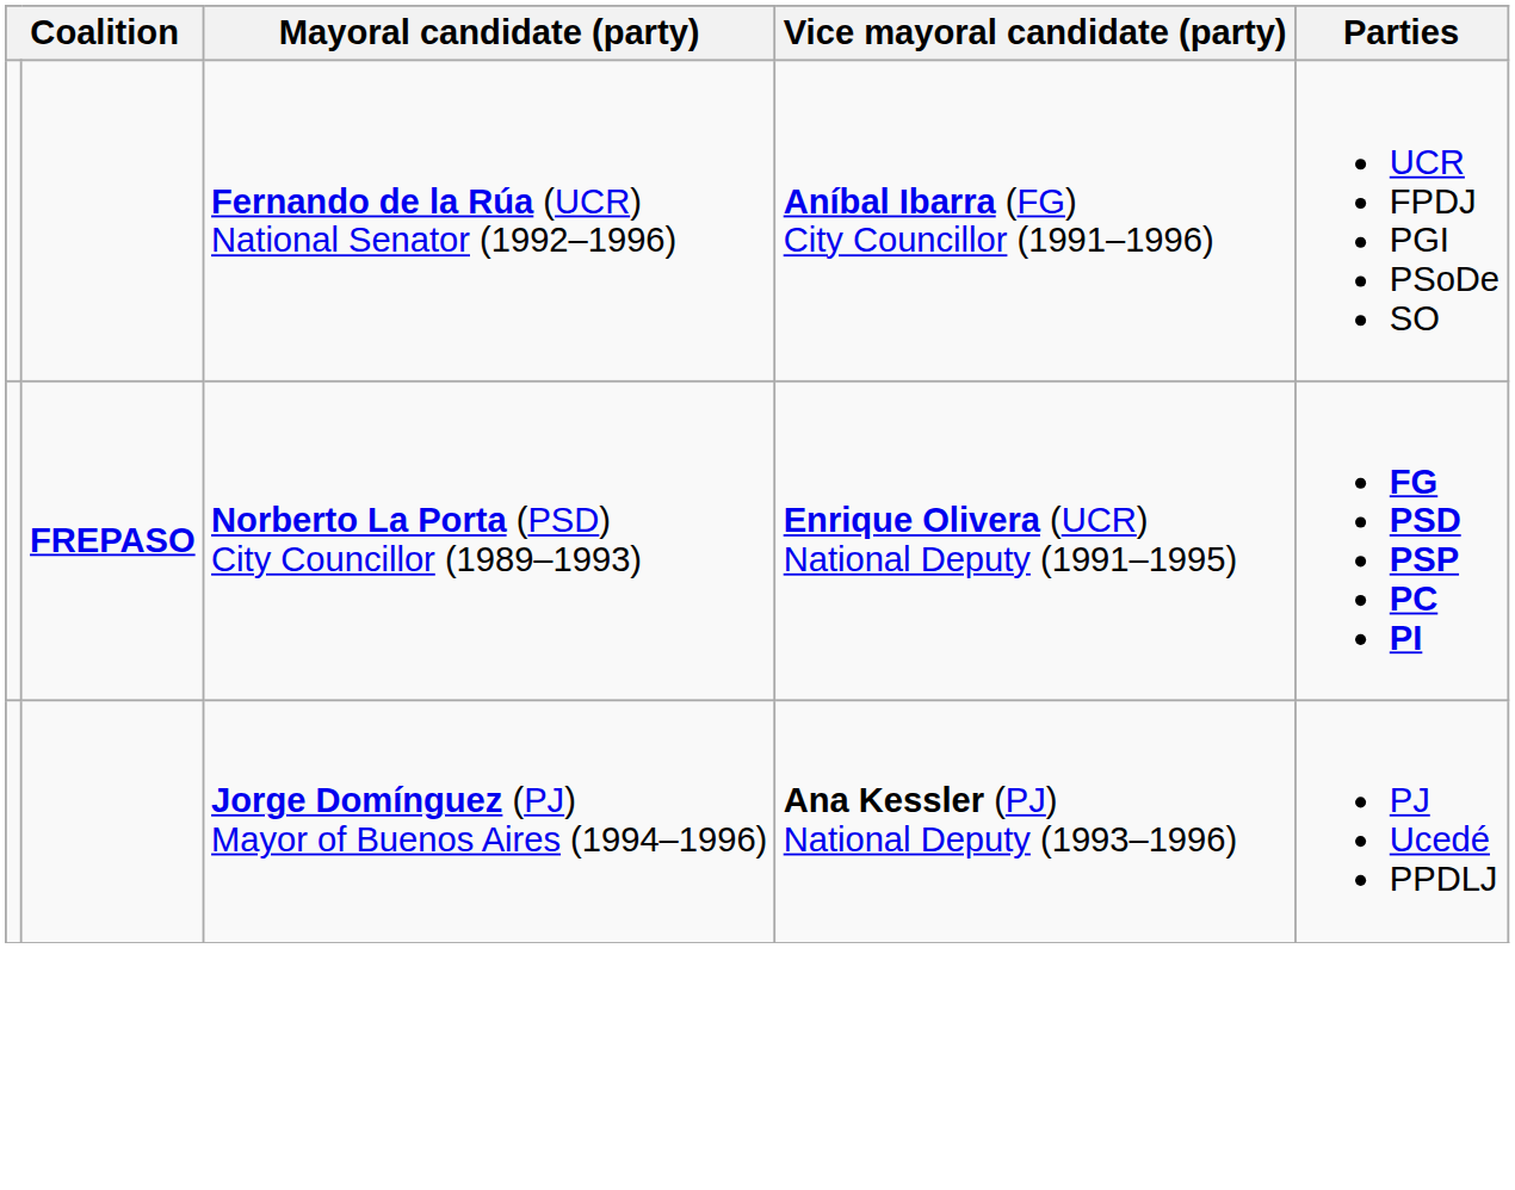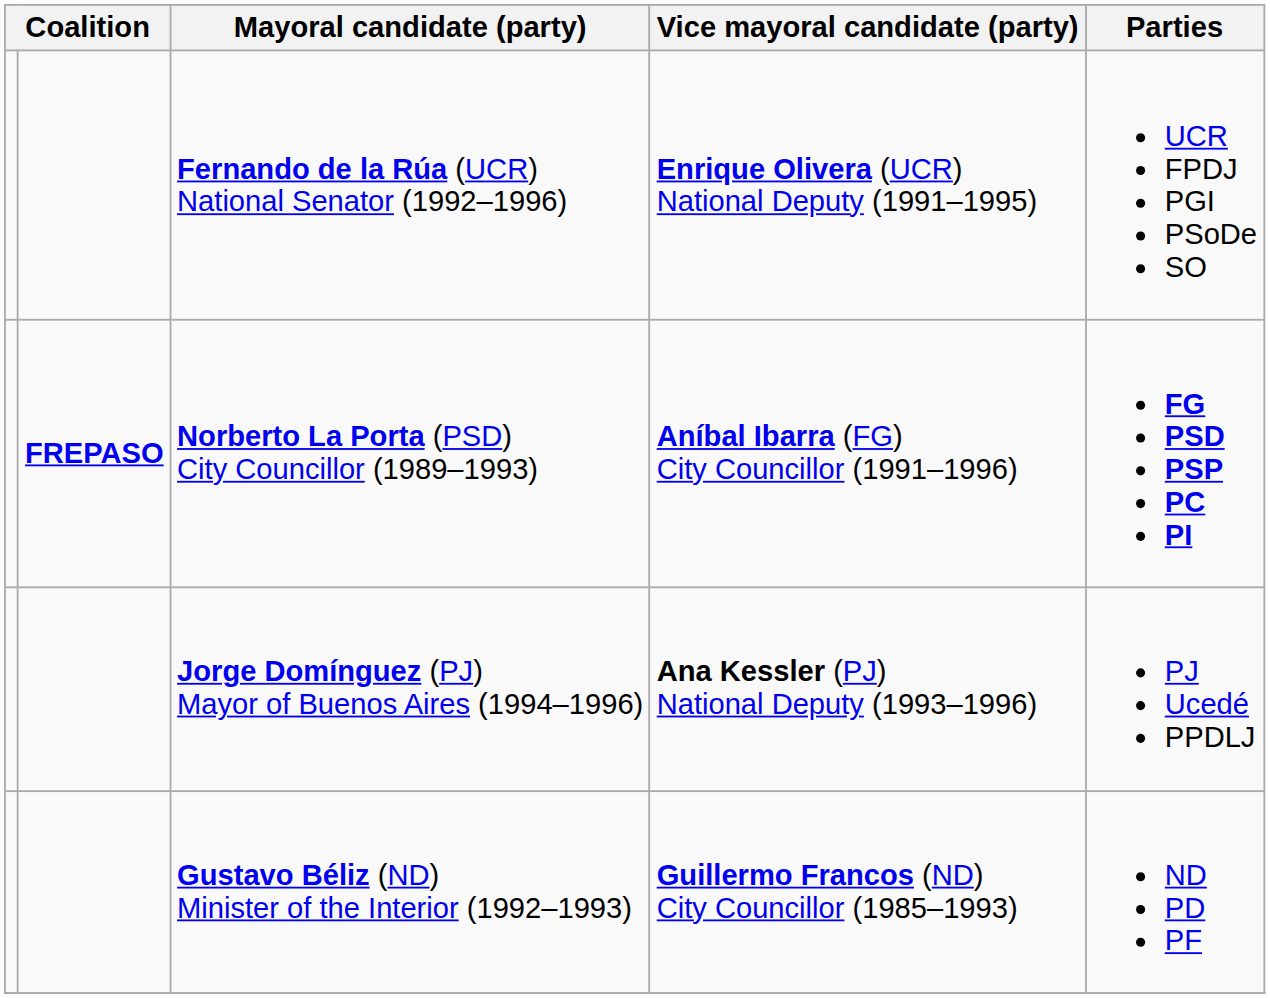 <table class="vertical-align-top wikitable">
 <tr>
 <th scope=colgroup colspan=2>Coalition</th>
 <th scope=colgroup>Mayoral candidate (party)<br></th>
 <th scope=colgroup>Vice mayoral candidate (party)<br></th>
 <th scope=col>Parties</th>
 </tr>
 <tr>
 <td style="background:"></td>
 <td style="text-align:center; line-height:1.3"></td>
 <td><strong><a href='#'>Fernando de la Rúa</a></strong> (<a href='#'>UCR</a>)<br><a href='#'>National Senator</a> (1992–1996)</td>
-<td><strong><a href='#'>Aníbal Ibarra</a></strong> (<a href='#'>FG</a>)<br><a href='#'>City Councillor</a> (1991–1996)</td>
+<td><strong><a href='#'>Enrique Olivera</a></strong> (<a href='#'>UCR</a>)<br><a href='#'>National Deputy</a> (1991–1995)</td>
 <td><br><ul><li><a href='#'>UCR</a></li><li>FPDJ</li><li>PGI</li><li>PSoDe</li><li>SO</li></ul></td>
 </tr>
 <tr>
 <td style="background:"></td>
 <td style="text-align:center; line-height:1.3"><strong><a href='#'>FREPASO</a></strong></td>
 <td><strong><a href='#'>Norberto La Porta</a></strong> (<a href='#'>PSD</a>)<br><a href='#'>City Councillor</a> (1989–1993)</td>
-<td><strong><a href='#'>Enrique Olivera</a></strong> (<a href='#'>UCR</a>)<br><a href='#'>National Deputy</a> (1991–1995)</td>
+<td><strong><a href='#'>Aníbal Ibarra</a></strong> (<a href='#'>FG</a>)<br><a href='#'>City Councillor</a> (1991–1996)</td>
 <td><strong><br><ul><li><a href='#'>FG</a></li><li><a href='#'>PSD</a></li><li><a href='#'>PSP</a></li><li><a href='#'>PC</a></li><li><a href='#'>PI</a></li></ul></strong></td>
 </tr>
 <tr>
 <td style="background:"></td>
 <td style="text-align:center; line-height:1.3"></td>
 <td><strong><a href='#'>Jorge Domínguez</a></strong> (<a href='#'>PJ</a>)<br><a href='#'>Mayor of Buenos Aires</a> (1994–1996)</td>
 <td><strong>Ana Kessler</strong> (<a href='#'>PJ</a>)<br><a href='#'>National Deputy</a> (1993–1996)</td>
 <td><br><ul><li><a href='#'>PJ</a></li><li><a href='#'>Ucedé</a></li><li>PPDLJ</li></ul></td>
 </tr>
 <tr>
+<td style="background:"></td>
+<td style="text-align:center; line-height:1.3"></td>
+<td><strong><a href='#'>Gustavo Béliz</a></strong> (<a href='#'>ND</a>)<br><a href='#'>Minister of the Interior</a> (1992–1993)</td>
+<td><strong><a href='#'>Guillermo Francos</a></strong> (<a href='#'>ND</a>)<br><a href='#'>City Councillor</a> (1985–1993)</td>
+<td><br><ul><li><a href='#'>ND</a></li><li><a href='#'>PD</a></li><li><a href='#'>PF</a></li></ul></td>
+</tr>
+<tr>
 </tr>
 </table>
